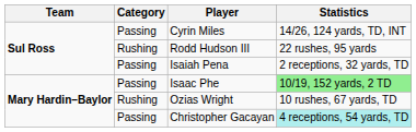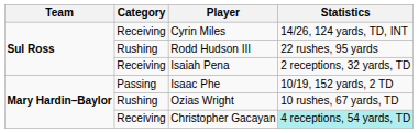 <table class="wikitable" style="float: right;">
 <tr>
 <th>Team</th>
 <th>Category</th>
 <th>Player</th>
 <th>Statistics</th>
 </tr>
 <tr>
 <td rowspan=3><strong>Sul Ross</strong></td>
-<td>Passing</td>
+<td>Receiving</td>
 <td>Cyrin Miles</td>
 <td>14/26, 124 yards, TD, INT</td>
 </tr>
 <tr>
 <td>Rushing</td>
 <td>Rodd Hudson III</td>
 <td>22 rushes, 95 yards</td>
 </tr>
 <tr>
-<td>Passing</td>
+<td>Receiving</td>
 <td>Isaiah Pena</td>
 <td>2 receptions, 32 yards, TD</td>
 </tr>
 <tr>
 <td rowspan=3><strong>Mary Hardin–Baylor</strong></td>
 <td>Passing</td>
 <td>Isaac Phe</td>
-<td style="background: lightgreen;">10/19, 152 yards, 2 TD</td>
+<td>10/19, 152 yards, 2 TD</td>
 </tr>
 <tr>
 <td>Rushing</td>
 <td>Ozias Wright</td>
 <td>10 rushes, 67 yards, TD</td>
 </tr>
 <tr>
-<td>Passing</td>
+<td>Receiving</td>
 <td>Christopher Gacayan</td>
 <td style="background: paleturquoise;">4 receptions, 54 yards, TD</td>
 </tr>
 </table>
